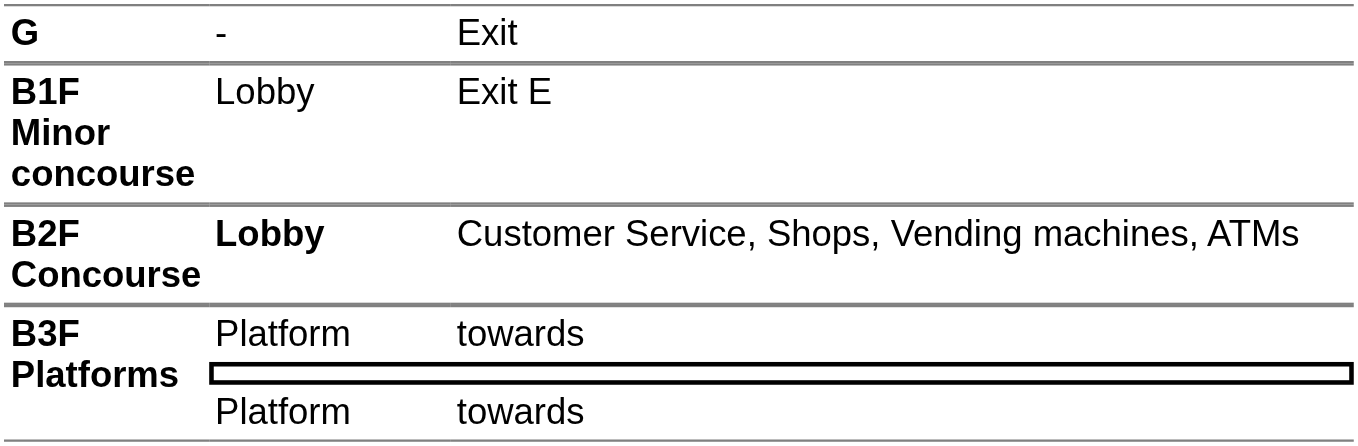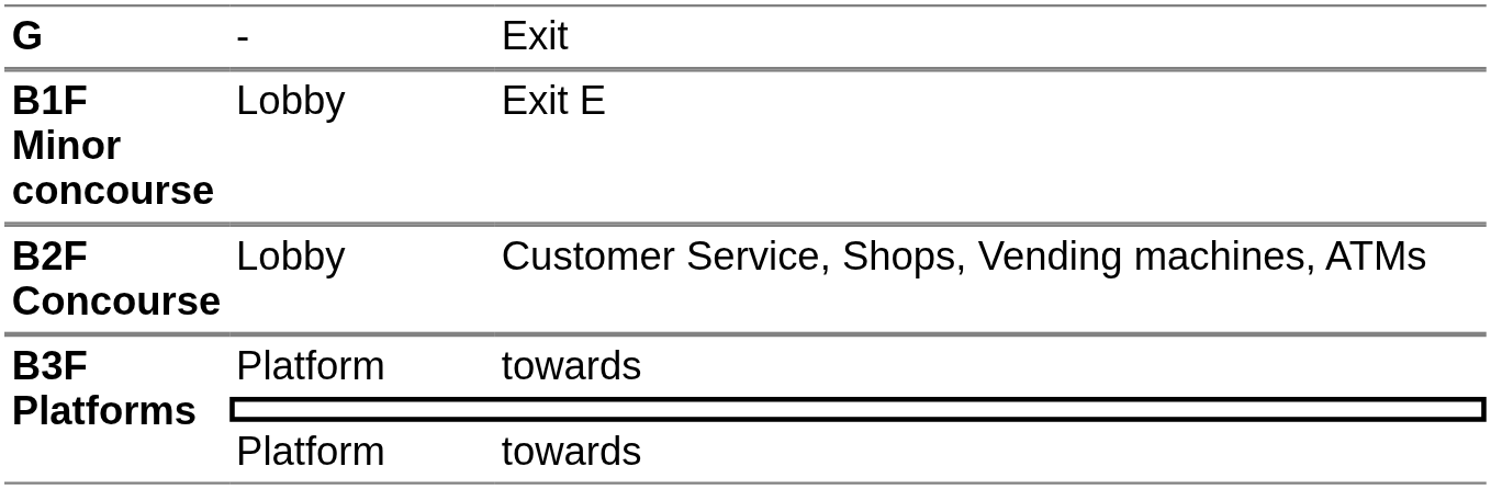 <table border=0 cellspacing=0 cellpadding=3>
 <tr>
 <td style="border-top:solid 1px gray;border-bottom:solid 1px gray" width=50 valign=top><strong>G</strong></td>
 <td style="border-top:solid 1px gray;border-bottom:solid 1px gray;" width=100 valign=top>-</td>
 <td style="border-top:solid 1px gray;border-bottom:solid 1px gray;" width=390 valign=top>Exit</td>
 </tr>
 <tr>
 <td style="border-bottom:solid 1px gray; border-top:solid 1px gray;" valign=top width=50><strong>B1F<br>Minor concourse</strong></td>
 <td style="border-bottom:solid 1px gray; border-top:solid 1px gray;" valign=top width=100>Lobby</td>
 <td style="border-bottom:solid 1px gray; border-top:solid 1px gray;" valign=top width=390>Exit E</td>
 </tr>
 <tr>
 <td style="border-bottom:solid 1px gray; border-top:solid 1px gray;" valign=top width=50><strong>B2F<br>Concourse</strong></td>
-<td style="border-bottom:solid 1px gray; border-top:solid 1px gray;" valign=top width=100><strong>Lobby</strong></td>
+<td style="border-bottom:solid 1px gray; border-top:solid 1px gray;" valign=top width=100>Lobby</td>
 <td style="border-bottom:solid 1px gray; border-top:solid 1px gray;" valign=top width=390>Customer Service, Shops, Vending machines, ATMs</td>
 </tr>
 <tr>
 <td style="border-top:solid 1px gray;border-bottom:solid 1px gray" rowspan=3 valign=top><strong>B3F<br>Platforms</strong></td>
 <td style="border-top:solid 1px gray" valign=top>Platform</td>
 <td style="border-top:solid 1px gray" valign=top>  towards  </td>
 </tr>
 <tr>
 <td style="border-right:solid 2px black;border-left:solid 2px black;border-top:solid 2px black;border-bottom:solid 2px black;text-align:center;" colspan=2></td>
 </tr>
 <tr>
 <td style="border-bottom:solid 1px gray" valign=top>Platform</td>
 <td style="border-bottom:solid 1px gray" valign=top>  towards   </td>
 </tr>
 </table>
